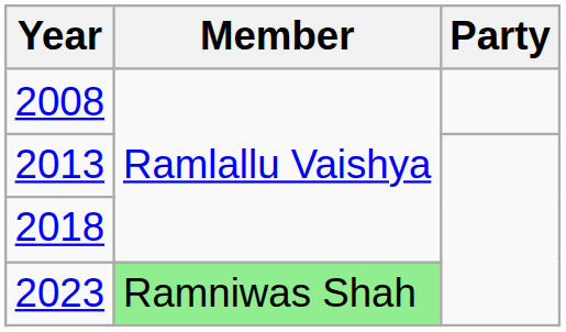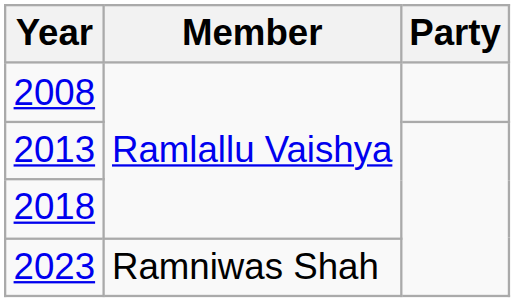 <table class="wikitable sortable">
 <tr>
 <th>Year</th>
 <th>Member</th>
 <th colspan=2>Party</th>
 </tr>
 <tr>
 <td><a href='#'>2008</a></td>
 <td rowspan=3><a href='#'>Ramlallu Vaishya</a></td>
 <td></td>
 </tr>
 <tr>
 <td><a href='#'>2013</a></td>
 </tr>
 <tr>
 <td><a href='#'>2018</a></td>
 </tr>
 <tr>
 <td><a href='#'>2023</a></td>
-<td style="background: lightgreen;">Ramniwas Shah</td>
+<td>Ramniwas Shah</td>
 </tr>
 </table>
